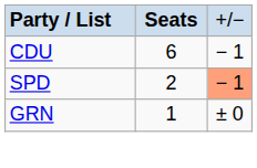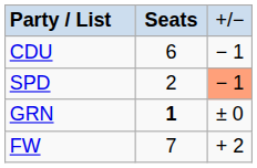 <table class="wikitable" width="200" style="text-align:center">
 <tr style="background:#CCDDEE">
 <td style="text-align:left"><strong>Party / List</strong></td>
 <td><strong>Seats</strong></td>
 <td>+/−</td>
 </tr>
 <tr>
 <td align=left><a href='#'>CDU</a></td>
 <td>6</td>
 <td>− 1</td>
 </tr>
 <tr>
 <td align=left><a href='#'>SPD</a></td>
 <td>2</td>
 <td style="background: lightsalmon;">− 1</td>
 </tr>
 <tr>
 <td align=left><a href='#'>GRN</a></td>
-<td>1</td>
+<td><strong>1</strong></td>
 <td>± 0</td>
 </tr>
+<tr>
+<td align=left><a href='#'>FW</a></td>
+<td>7</td>
+<td>+ 2</td>
+</tr>
 </table>
